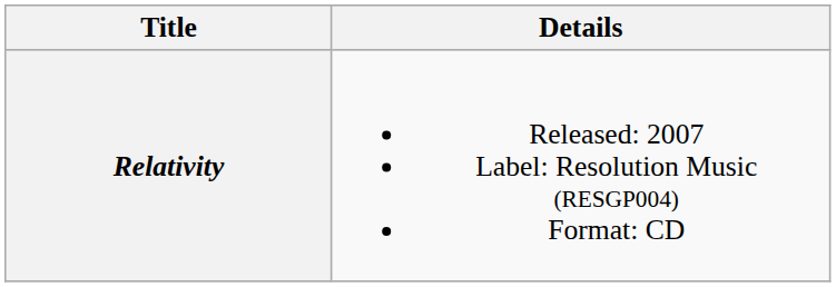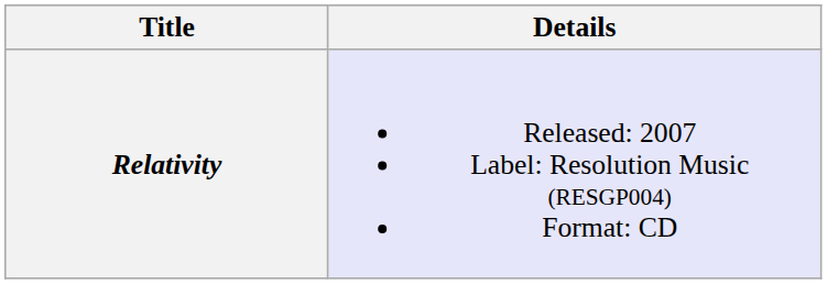 <table class="wikitable plainrowheaders" style="text-align:center;" border="1">
 <tr>
 <th scope="col" style="width:11em;">Title</th>
 <th scope="col" style="width:17em;">Details</th>
 </tr>
 <tr>
 <th scope="row"><em>Relativity</em></th>
-<td><br><ul><li>Released: 2007</li><li>Label: Resolution Music <small>(RESGP004)</small></li><li>Format: CD</li></ul></td>
+<td style="background: lavender;"><br><ul><li>Released: 2007</li><li>Label: Resolution Music <small>(RESGP004)</small></li><li>Format: CD</li></ul></td>
 </tr>
 </table>
